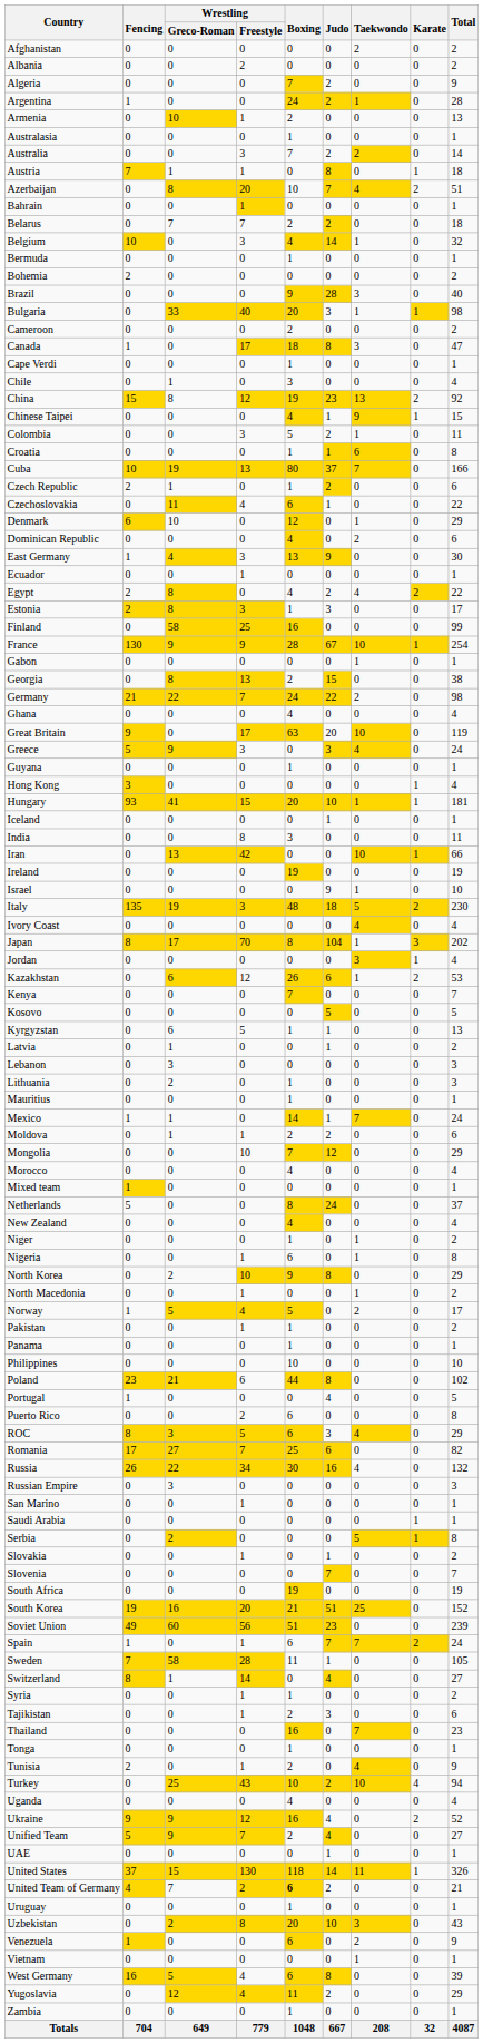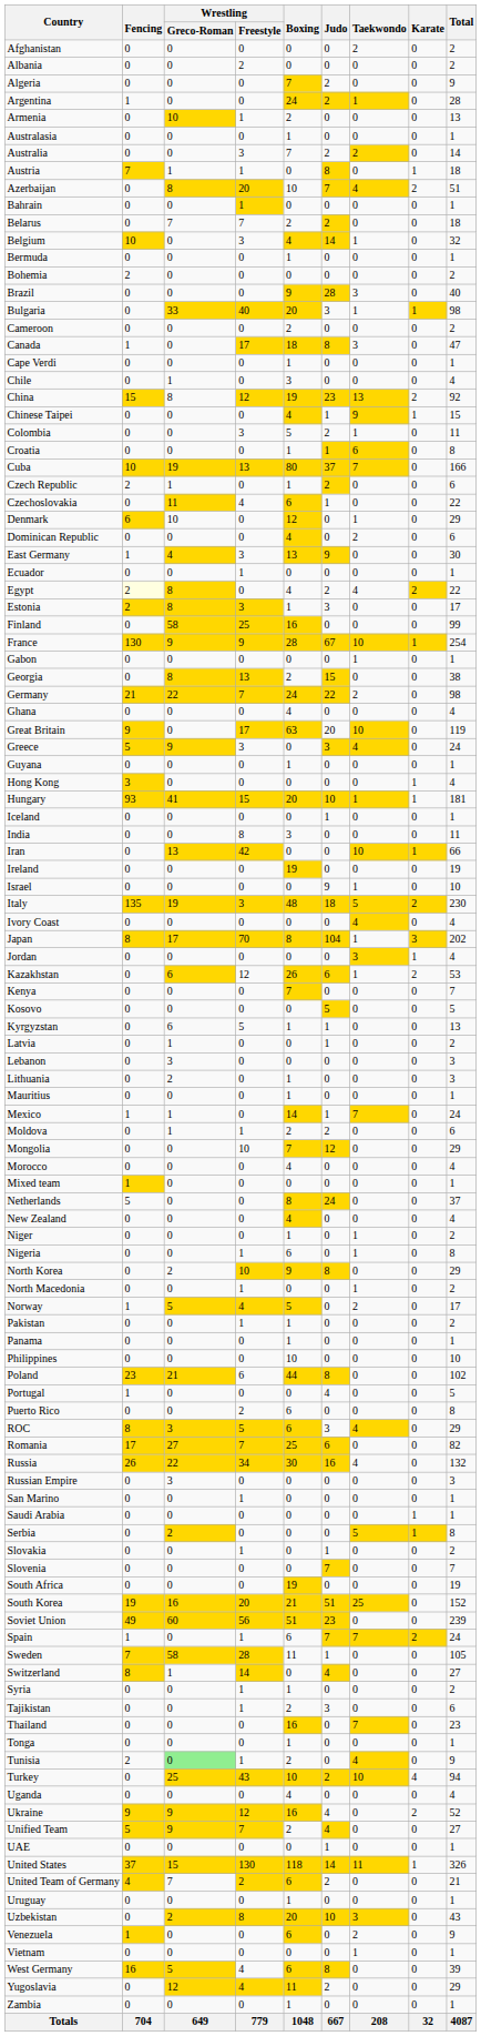 <table class="wikitable sortable">
 <tr>
 <th rowspan="2">Country</th>
 <th rowspan="2"><br>Fencing</th>
 <th colspan="2"> Wrestling</th>
 <th rowspan="2"><br>Boxing</th>
 <th rowspan="2"><br>Judo</th>
 <th rowspan="2"><br>Taekwondo</th>
 <th rowspan="2"><br>Karate</th>
 <th rowspan="2">Total</th>
 </tr>
 <tr>
 <th>Greco-Roman</th>
 <th>Freestyle</th>
 </tr>
 <tr>
 <td> Afghanistan</td>
 <td>0</td>
 <td>0</td>
 <td>0</td>
 <td>0</td>
 <td>0</td>
 <td>2</td>
 <td>0</td>
 <td>2</td>
 </tr>
 <tr>
 <td> Albania</td>
 <td>0</td>
 <td>0</td>
 <td>2</td>
 <td>0</td>
 <td>0</td>
 <td>0</td>
 <td>0</td>
 <td>2</td>
 </tr>
 <tr>
 <td> Algeria</td>
 <td>0</td>
 <td>0</td>
 <td>0</td>
 <td style="background:#FFD700">7</td>
 <td>2</td>
 <td>0</td>
 <td>0</td>
 <td>9</td>
 </tr>
 <tr>
 <td> Argentina</td>
 <td>1</td>
 <td>0</td>
 <td>0</td>
 <td style="background:#FFD700">24</td>
 <td style="background:#FFD700">2</td>
 <td style="background:#FFD700">1</td>
 <td>0</td>
 <td>28</td>
 </tr>
 <tr>
 <td> Armenia</td>
 <td>0</td>
 <td style="background:#FFD700">10</td>
 <td>1</td>
 <td>2</td>
 <td>0</td>
 <td>0</td>
 <td>0</td>
 <td>13</td>
 </tr>
 <tr>
 <td> Australasia</td>
 <td>0</td>
 <td>0</td>
 <td>0</td>
 <td>1</td>
 <td>0</td>
 <td>0</td>
 <td>0</td>
 <td>1</td>
 </tr>
 <tr>
 <td> Australia</td>
 <td>0</td>
 <td>0</td>
 <td>3</td>
 <td>7</td>
 <td>2</td>
 <td style="background:#FFD700">2</td>
 <td>0</td>
 <td>14</td>
 </tr>
 <tr>
 <td> Austria</td>
 <td style="background:#FFD700">7</td>
 <td>1</td>
 <td>1</td>
 <td>0</td>
 <td style="background:#FFD700">8</td>
 <td>0</td>
 <td>1</td>
 <td>18</td>
 </tr>
 <tr>
 <td> Azerbaijan</td>
 <td>0</td>
 <td style="background:#FFD700">8</td>
 <td style="background:#FFD700">20</td>
 <td>10</td>
 <td style="background:#FFD700">7</td>
 <td style="background:#FFD700">4</td>
 <td>2</td>
 <td>51</td>
 </tr>
 <tr>
 <td> Bahrain</td>
 <td>0</td>
 <td>0</td>
 <td style="background:#FFD700">1</td>
 <td>0</td>
 <td>0</td>
 <td>0</td>
 <td>0</td>
 <td>1</td>
 </tr>
 <tr>
 <td> Belarus</td>
 <td>0</td>
 <td>7</td>
 <td>7</td>
 <td>2</td>
 <td style="background:#FFD700">2</td>
 <td>0</td>
 <td>0</td>
 <td>18</td>
 </tr>
 <tr>
 <td> Belgium</td>
 <td style="background:#FFD700">10</td>
 <td>0</td>
 <td>3</td>
 <td style="background:#FFD700">4</td>
 <td style="background:#FFD700">14</td>
 <td>1</td>
 <td>0</td>
 <td>32</td>
 </tr>
 <tr>
 <td> Bermuda</td>
 <td>0</td>
 <td>0</td>
 <td>0</td>
 <td>1</td>
 <td>0</td>
 <td>0</td>
 <td>0</td>
 <td>1</td>
 </tr>
 <tr>
 <td> Bohemia</td>
 <td>2</td>
 <td>0</td>
 <td>0</td>
 <td>0</td>
 <td>0</td>
 <td>0</td>
 <td>0</td>
 <td>2</td>
 </tr>
 <tr>
 <td> Brazil</td>
 <td>0</td>
 <td>0</td>
 <td>0</td>
 <td style="background:#FFD700">9</td>
 <td style="background:#FFD700">28</td>
 <td>3</td>
 <td>0</td>
 <td>40</td>
 </tr>
 <tr>
 <td> Bulgaria</td>
 <td>0</td>
 <td style="background:#FFD700">33</td>
 <td style="background:#FFD700">40</td>
 <td style="background:#FFD700">20</td>
 <td>3</td>
 <td>1</td>
 <td style="background:#FFD700">1</td>
 <td>98</td>
 </tr>
 <tr>
 <td> Cameroon</td>
 <td>0</td>
 <td>0</td>
 <td>0</td>
 <td>2</td>
 <td>0</td>
 <td>0</td>
 <td>0</td>
 <td>2</td>
 </tr>
 <tr>
 <td> Canada</td>
 <td>1</td>
 <td>0</td>
 <td style="background:#FFD700">17</td>
 <td style="background:#FFD700">18</td>
 <td style="background:#FFD700">8</td>
 <td>3</td>
 <td>0</td>
 <td>47</td>
 </tr>
 <tr>
 <td> Cape Verdi</td>
 <td>0</td>
 <td>0</td>
 <td>0</td>
 <td>1</td>
 <td>0</td>
 <td>0</td>
 <td>0</td>
 <td>1</td>
 </tr>
 <tr>
 <td> Chile</td>
 <td>0</td>
 <td>1</td>
 <td>0</td>
 <td>3</td>
 <td>0</td>
 <td>0</td>
 <td>0</td>
 <td>4</td>
 </tr>
 <tr>
 <td> China</td>
 <td style="background:#FFD700">15</td>
 <td>8</td>
 <td style="background:#FFD700">12</td>
 <td style="background:#FFD700">19</td>
 <td style="background:#FFD700">23</td>
 <td style="background:#FFD700">13</td>
 <td>2</td>
 <td>92</td>
 </tr>
 <tr>
 <td> Chinese Taipei</td>
 <td>0</td>
 <td>0</td>
 <td>0</td>
 <td style="background:#FFD700">4</td>
 <td>1</td>
 <td style="background:#FFD700">9</td>
 <td>1</td>
 <td>15</td>
 </tr>
 <tr>
 <td> Colombia</td>
 <td>0</td>
 <td>0</td>
 <td>3</td>
 <td>5</td>
 <td>2</td>
 <td>1</td>
 <td>0</td>
 <td>11</td>
 </tr>
 <tr>
 <td> Croatia</td>
 <td>0</td>
 <td>0</td>
 <td>0</td>
 <td>1</td>
 <td style="background:#FFD700">1</td>
 <td style="background:#FFD700">6</td>
 <td>0</td>
 <td>8</td>
 </tr>
 <tr>
 <td> Cuba</td>
 <td style="background:#FFD700">10</td>
 <td style="background:#FFD700">19</td>
 <td style="background:#FFD700">13</td>
 <td style="background:#FFD700">80</td>
 <td style="background:#FFD700">37</td>
 <td style="background:#FFD700">7</td>
 <td>0</td>
 <td>166</td>
 </tr>
 <tr>
 <td> Czech Republic</td>
 <td>2</td>
 <td>1</td>
 <td>0</td>
 <td>1</td>
 <td style="background:#FFD700">2</td>
 <td>0</td>
 <td>0</td>
 <td>6</td>
 </tr>
 <tr>
 <td> Czechoslovakia</td>
 <td>0</td>
 <td style="background:#FFD700">11</td>
 <td>4</td>
 <td style="background:#FFD700">6</td>
 <td>1</td>
 <td>0</td>
 <td>0</td>
 <td>22</td>
 </tr>
 <tr>
 <td> Denmark</td>
 <td style="background:#FFD700">6</td>
 <td>10</td>
 <td>0</td>
 <td style="background:#FFD700">12</td>
 <td>0</td>
 <td>1</td>
 <td>0</td>
 <td>29</td>
 </tr>
 <tr>
 <td> Dominican Republic</td>
 <td>0</td>
 <td>0</td>
 <td>0</td>
 <td style="background:#FFD700">4</td>
 <td>0</td>
 <td>2</td>
 <td>0</td>
 <td>6</td>
 </tr>
 <tr>
 <td> East Germany</td>
 <td>1</td>
 <td style="background:#FFD700">4</td>
 <td>3</td>
 <td style="background:#FFD700">13</td>
 <td style="background:#FFD700">9</td>
 <td>0</td>
 <td>0</td>
 <td>30</td>
 </tr>
 <tr>
 <td> Ecuador</td>
 <td>0</td>
 <td>0</td>
 <td>1</td>
 <td>0</td>
 <td>0</td>
 <td>0</td>
 <td>0</td>
 <td>1</td>
 </tr>
 <tr>
 <td> Egypt</td>
-<td>2</td>
+<td style="background: lightyellow;">2</td>
 <td style="background:#FFD700">8</td>
 <td>0</td>
 <td>4</td>
 <td>2</td>
 <td>4</td>
 <td style="background:#FFD700">2</td>
 <td>22</td>
 </tr>
 <tr>
 <td> Estonia</td>
 <td style="background:#FFD700">2</td>
 <td style="background:#FFD700">8</td>
 <td style="background:#FFD700">3</td>
 <td>1</td>
 <td>3</td>
 <td>0</td>
 <td>0</td>
 <td>17</td>
 </tr>
 <tr>
 <td> Finland</td>
 <td>0</td>
 <td style="background:#FFD700">58</td>
 <td style="background:#FFD700">25</td>
 <td style="background:#FFD700">16</td>
 <td>0</td>
 <td>0</td>
 <td>0</td>
 <td>99</td>
 </tr>
 <tr>
 <td> France</td>
 <td style="background:#FFD700">130</td>
 <td style="background:#FFD700">9</td>
 <td style="background:#FFD700">9</td>
 <td style="background:#FFD700">28</td>
 <td style="background:#FFD700">67</td>
 <td style="background:#FFD700">10</td>
 <td style="background:#FFD700">1</td>
 <td>254</td>
 </tr>
 <tr>
 <td> Gabon</td>
 <td>0</td>
 <td>0</td>
 <td>0</td>
 <td>0</td>
 <td>0</td>
 <td>1</td>
 <td>0</td>
 <td>1</td>
 </tr>
 <tr>
 <td> Georgia</td>
 <td>0</td>
 <td style="background:#FFD700">8</td>
 <td style="background:#FFD700">13</td>
 <td>2</td>
 <td style="background:#FFD700">15</td>
 <td>0</td>
 <td>0</td>
 <td>38</td>
 </tr>
 <tr>
 <td> Germany</td>
 <td style="background:#FFD700">21</td>
 <td style="background:#FFD700">22</td>
 <td style="background:#FFD700">7</td>
 <td style="background:#FFD700">24</td>
 <td style="background:#FFD700">22</td>
 <td>2</td>
 <td>0</td>
 <td>98</td>
 </tr>
 <tr>
 <td> Ghana</td>
 <td>0</td>
 <td>0</td>
 <td>0</td>
 <td>4</td>
 <td>0</td>
 <td>0</td>
 <td>0</td>
 <td>4</td>
 </tr>
 <tr>
 <td> Great Britain</td>
 <td style="background:#FFD700">9</td>
 <td>0</td>
 <td style="background:#FFD700">17</td>
 <td style="background:#FFD700">63</td>
 <td>20</td>
 <td style="background:#FFD700">10</td>
 <td>0</td>
 <td>119</td>
 </tr>
 <tr>
 <td> Greece</td>
 <td style="background:#FFD700">5</td>
 <td style="background:#FFD700">9</td>
 <td>3</td>
 <td>0</td>
 <td style="background:#FFD700">3</td>
 <td style="background:#FFD700">4</td>
 <td>0</td>
 <td>24</td>
 </tr>
 <tr>
 <td> Guyana</td>
 <td>0</td>
 <td>0</td>
 <td>0</td>
 <td>1</td>
 <td>0</td>
 <td>0</td>
 <td>0</td>
 <td>1</td>
 </tr>
 <tr>
 <td> Hong Kong</td>
 <td style="background:#FFD700">3</td>
 <td>0</td>
 <td>0</td>
 <td>0</td>
 <td>0</td>
 <td>0</td>
 <td>1</td>
 <td>4</td>
 </tr>
 <tr>
 <td> Hungary</td>
 <td style="background:#FFD700">93</td>
 <td style="background:#FFD700">41</td>
 <td style="background:#FFD700">15</td>
 <td style="background:#FFD700">20</td>
 <td style="background:#FFD700">10</td>
 <td style="background:#FFD700">1</td>
 <td>1</td>
 <td>181</td>
 </tr>
 <tr>
 <td> Iceland</td>
 <td>0</td>
 <td>0</td>
 <td>0</td>
 <td>0</td>
 <td>1</td>
 <td>0</td>
 <td>0</td>
 <td>1</td>
 </tr>
 <tr>
 <td> India</td>
 <td>0</td>
 <td>0</td>
 <td>8</td>
 <td>3</td>
 <td>0</td>
 <td>0</td>
 <td>0</td>
 <td>11</td>
 </tr>
 <tr>
 <td> Iran</td>
 <td>0</td>
 <td style="background:#FFD700">13</td>
 <td style="background:#FFD700">42</td>
 <td>0</td>
 <td>0</td>
 <td style="background:#FFD700">10</td>
 <td style="background:#FFD700">1</td>
 <td>66</td>
 </tr>
 <tr>
 <td> Ireland</td>
 <td>0</td>
 <td>0</td>
 <td>0</td>
 <td style="background:#FFD700">19</td>
 <td>0</td>
 <td>0</td>
 <td>0</td>
 <td>19</td>
 </tr>
 <tr>
 <td> Israel</td>
 <td>0</td>
 <td>0</td>
 <td>0</td>
 <td>0</td>
 <td>9</td>
 <td>1</td>
 <td>0</td>
 <td>10</td>
 </tr>
 <tr>
 <td> Italy</td>
 <td style="background:#FFD700">135</td>
 <td style="background:#FFD700">19</td>
 <td style="background:#FFD700">3</td>
 <td style="background:#FFD700">48</td>
 <td style="background:#FFD700">18</td>
 <td style="background:#FFD700">5</td>
 <td style="background:#FFD700">2</td>
 <td>230</td>
 </tr>
 <tr>
 <td> Ivory Coast</td>
 <td>0</td>
 <td>0</td>
 <td>0</td>
 <td>0</td>
 <td>0</td>
 <td style="background:#FFD700">4</td>
 <td>0</td>
 <td>4</td>
 </tr>
 <tr>
 <td> Japan</td>
 <td style="background:#FFD700">8</td>
 <td style="background:#FFD700">17</td>
 <td style="background:#FFD700">70</td>
 <td style="background:#FFD700">8</td>
 <td style="background:#FFD700">104</td>
 <td>1</td>
 <td style="background:#FFD700">3</td>
 <td>202</td>
 </tr>
 <tr>
 <td> Jordan</td>
 <td>0</td>
 <td>0</td>
 <td>0</td>
 <td>0</td>
 <td>0</td>
 <td style="background:#FFD700">3</td>
 <td>1</td>
 <td>4</td>
 </tr>
 <tr>
 <td> Kazakhstan</td>
 <td>0</td>
 <td style="background:#FFD700">6</td>
 <td>12</td>
 <td style="background:#FFD700">26</td>
 <td style="background:#FFD700">6</td>
 <td>1</td>
 <td>2</td>
 <td>53</td>
 </tr>
 <tr>
 <td> Kenya</td>
 <td>0</td>
 <td>0</td>
 <td>0</td>
 <td style="background:#FFD700">7</td>
 <td>0</td>
 <td>0</td>
 <td>0</td>
 <td>7</td>
 </tr>
 <tr>
 <td> Kosovo</td>
 <td>0</td>
 <td>0</td>
 <td>0</td>
 <td>0</td>
 <td style="background:#FFD700">5</td>
 <td>0</td>
 <td>0</td>
 <td>5</td>
 </tr>
 <tr>
 <td> Kyrgyzstan</td>
 <td>0</td>
 <td>6</td>
 <td>5</td>
 <td>1</td>
 <td>1</td>
 <td>0</td>
 <td>0</td>
 <td>13</td>
 </tr>
 <tr>
 <td> Latvia</td>
 <td>0</td>
 <td>1</td>
 <td>0</td>
 <td>0</td>
 <td>1</td>
 <td>0</td>
 <td>0</td>
 <td>2</td>
 </tr>
 <tr>
 <td> Lebanon</td>
 <td>0</td>
 <td>3</td>
 <td>0</td>
 <td>0</td>
 <td>0</td>
 <td>0</td>
 <td>0</td>
 <td>3</td>
 </tr>
 <tr>
 <td> Lithuania</td>
 <td>0</td>
 <td>2</td>
 <td>0</td>
 <td>1</td>
 <td>0</td>
 <td>0</td>
 <td>0</td>
 <td>3</td>
 </tr>
 <tr>
 <td> Mauritius</td>
 <td>0</td>
 <td>0</td>
 <td>0</td>
 <td>1</td>
 <td>0</td>
 <td>0</td>
 <td>0</td>
 <td>1</td>
 </tr>
 <tr>
 <td> Mexico</td>
 <td>1</td>
 <td>1</td>
 <td>0</td>
 <td style="background:#FFD700">14</td>
 <td>1</td>
 <td style="background:#FFD700">7</td>
 <td>0</td>
 <td>24</td>
 </tr>
 <tr>
 <td> Moldova</td>
 <td>0</td>
 <td>1</td>
 <td>1</td>
 <td>2</td>
 <td>2</td>
 <td>0</td>
 <td>0</td>
 <td>6</td>
 </tr>
 <tr>
 <td> Mongolia</td>
 <td>0</td>
 <td>0</td>
 <td>10</td>
 <td style="background:#FFD700">7</td>
 <td style="background:#FFD700">12</td>
 <td>0</td>
 <td>0</td>
 <td>29</td>
 </tr>
 <tr>
 <td> Morocco</td>
 <td>0</td>
 <td>0</td>
 <td>0</td>
 <td>4</td>
 <td>0</td>
 <td>0</td>
 <td>0</td>
 <td>4</td>
 </tr>
 <tr>
 <td> Mixed team</td>
 <td style="background:#FFD700">1</td>
 <td>0</td>
 <td>0</td>
 <td>0</td>
 <td>0</td>
 <td>0</td>
 <td>0</td>
 <td>1</td>
 </tr>
 <tr>
 <td> Netherlands</td>
 <td>5</td>
 <td>0</td>
 <td>0</td>
 <td style="background:#FFD700">8</td>
 <td style="background:#FFD700">24</td>
 <td>0</td>
 <td>0</td>
 <td>37</td>
 </tr>
 <tr>
 <td> New Zealand</td>
 <td>0</td>
 <td>0</td>
 <td>0</td>
 <td style="background:#FFD700">4</td>
 <td>0</td>
 <td>0</td>
 <td>0</td>
 <td>4</td>
 </tr>
 <tr>
 <td> Niger</td>
 <td>0</td>
 <td>0</td>
 <td>0</td>
 <td>1</td>
 <td>0</td>
 <td>1</td>
 <td>0</td>
 <td>2</td>
 </tr>
 <tr>
 <td> Nigeria</td>
 <td>0</td>
 <td>0</td>
 <td>1</td>
 <td>6</td>
 <td>0</td>
 <td>1</td>
 <td>0</td>
 <td>8</td>
 </tr>
 <tr>
 <td> North Korea</td>
 <td>0</td>
 <td>2</td>
 <td style="background:#FFD700">10</td>
 <td style="background:#FFD700">9</td>
 <td style="background:#FFD700">8</td>
 <td>0</td>
 <td>0</td>
 <td>29</td>
 </tr>
 <tr>
 <td> North Macedonia</td>
 <td>0</td>
 <td>0</td>
 <td>1</td>
 <td>0</td>
 <td>0</td>
 <td>1</td>
 <td>0</td>
 <td>2</td>
 </tr>
 <tr>
 <td> Norway</td>
 <td>1</td>
 <td style="background:#FFD700">5</td>
 <td style="background:#FFD700">4</td>
 <td style="background:#FFD700">5</td>
 <td>0</td>
 <td>2</td>
 <td>0</td>
 <td>17</td>
 </tr>
 <tr>
 <td> Pakistan</td>
 <td>0</td>
 <td>0</td>
 <td>1</td>
 <td>1</td>
 <td>0</td>
 <td>0</td>
 <td>0</td>
 <td>2</td>
 </tr>
 <tr>
 <td> Panama</td>
 <td>0</td>
 <td>0</td>
 <td>0</td>
 <td>1</td>
 <td>0</td>
 <td>0</td>
 <td>0</td>
 <td>1</td>
 </tr>
 <tr>
 <td> Philippines</td>
 <td>0</td>
 <td>0</td>
 <td>0</td>
 <td>10</td>
 <td>0</td>
 <td>0</td>
 <td>0</td>
 <td>10</td>
 </tr>
 <tr>
 <td> Poland</td>
 <td style="background:#FFD700">23</td>
 <td style="background:#FFD700">21</td>
 <td>6</td>
 <td style="background:#FFD700">44</td>
 <td style="background:#FFD700">8</td>
 <td>0</td>
 <td>0</td>
 <td>102</td>
 </tr>
 <tr>
 <td> Portugal</td>
 <td>1</td>
 <td>0</td>
 <td>0</td>
 <td>0</td>
 <td>4</td>
 <td>0</td>
 <td>0</td>
 <td>5</td>
 </tr>
 <tr>
 <td> Puerto Rico</td>
 <td>0</td>
 <td>0</td>
 <td>2</td>
 <td>6</td>
 <td>0</td>
 <td>0</td>
 <td>0</td>
 <td>8</td>
 </tr>
 <tr>
 <td> ROC</td>
 <td style="background:#FFD700">8</td>
 <td style="background:#FFD700">3</td>
 <td style="background:#FFD700">5</td>
 <td style="background:#FFD700">6</td>
 <td>3</td>
 <td style="background:#FFD700">4</td>
 <td>0</td>
 <td>29</td>
 </tr>
 <tr>
 <td> Romania</td>
 <td style="background:#FFD700">17</td>
 <td style="background:#FFD700">27</td>
 <td style="background:#FFD700">7</td>
 <td style="background:#FFD700">25</td>
 <td style="background:#FFD700">6</td>
 <td>0</td>
 <td>0</td>
 <td>82</td>
 </tr>
 <tr>
 <td> Russia</td>
 <td style="background:#FFD700">26</td>
 <td style="background:#FFD700">22</td>
 <td style="background:#FFD700">34</td>
 <td style="background:#FFD700">30</td>
 <td style="background:#FFD700">16</td>
 <td>4</td>
 <td>0</td>
 <td>132</td>
 </tr>
 <tr>
 <td> Russian Empire</td>
 <td>0</td>
 <td>3</td>
 <td>0</td>
 <td>0</td>
 <td>0</td>
 <td>0</td>
 <td>0</td>
 <td>3</td>
 </tr>
 <tr>
 <td> San Marino</td>
 <td>0</td>
 <td>0</td>
 <td>1</td>
 <td>0</td>
 <td>0</td>
 <td>0</td>
 <td>0</td>
 <td>1</td>
 </tr>
 <tr>
 <td> Saudi Arabia</td>
 <td>0</td>
 <td>0</td>
 <td>0</td>
 <td>0</td>
 <td>0</td>
 <td>0</td>
 <td>1</td>
 <td>1</td>
 </tr>
 <tr>
 <td> Serbia</td>
 <td>0</td>
 <td style="background:#FFD700">2</td>
 <td>0</td>
 <td>0</td>
 <td>0</td>
 <td style="background:#FFD700">5</td>
 <td style="background:#FFD700">1</td>
 <td>8</td>
 </tr>
 <tr>
 <td> Slovakia</td>
 <td>0</td>
 <td>0</td>
 <td>1</td>
 <td>0</td>
 <td>1</td>
 <td>0</td>
 <td>0</td>
 <td>2</td>
 </tr>
 <tr>
 <td> Slovenia</td>
 <td>0</td>
 <td>0</td>
 <td>0</td>
 <td>0</td>
 <td style="background:#FFD700">7</td>
 <td>0</td>
 <td>0</td>
 <td>7</td>
 </tr>
 <tr>
 <td> South Africa</td>
 <td>0</td>
 <td>0</td>
 <td>0</td>
 <td style="background:#FFD700">19</td>
 <td>0</td>
 <td>0</td>
 <td>0</td>
 <td>19</td>
 </tr>
 <tr>
 <td> South Korea</td>
 <td style="background:#FFD700">19</td>
 <td style="background:#FFD700">16</td>
 <td style="background:#FFD700">20</td>
 <td style="background:#FFD700">21</td>
 <td style="background:#FFD700">51</td>
 <td style="background:#FFD700">25</td>
 <td>0</td>
 <td>152</td>
 </tr>
 <tr>
 <td> Soviet Union</td>
 <td style="background:#FFD700">49</td>
 <td style="background:#FFD700">60</td>
 <td style="background:#FFD700">56</td>
 <td style="background:#FFD700">51</td>
 <td style="background:#FFD700">23</td>
 <td>0</td>
 <td>0</td>
 <td>239</td>
 </tr>
 <tr>
 <td> Spain</td>
 <td>1</td>
 <td>0</td>
 <td>1</td>
 <td>6</td>
 <td style="background:#FFD700">7</td>
 <td style="background:#FFD700">7</td>
 <td style="background:#FFD700">2</td>
 <td>24</td>
 </tr>
 <tr>
 <td> Sweden</td>
 <td style="background:#FFD700">7</td>
 <td style="background:#FFD700">58</td>
 <td style="background:#FFD700">28</td>
 <td>11</td>
 <td>1</td>
 <td>0</td>
 <td>0</td>
 <td>105</td>
 </tr>
 <tr>
 <td> Switzerland</td>
 <td style="background:#FFD700">8</td>
 <td>1</td>
 <td style="background:#FFD700">14</td>
 <td>0</td>
 <td style="background:#FFD700">4</td>
 <td>0</td>
 <td>0</td>
 <td>27</td>
 </tr>
 <tr>
 <td> Syria</td>
 <td>0</td>
 <td>0</td>
 <td>1</td>
 <td>1</td>
 <td>0</td>
 <td>0</td>
 <td>0</td>
 <td>2</td>
 </tr>
 <tr>
 <td> Tajikistan</td>
 <td>0</td>
 <td>0</td>
 <td>1</td>
 <td>2</td>
 <td>3</td>
 <td>0</td>
 <td>0</td>
 <td>6</td>
 </tr>
 <tr>
 <td> Thailand</td>
 <td>0</td>
 <td>0</td>
 <td>0</td>
 <td style="background:#FFD700">16</td>
 <td>0</td>
 <td style="background:#FFD700">7</td>
 <td>0</td>
 <td>23</td>
 </tr>
 <tr>
 <td> Tonga</td>
 <td>0</td>
 <td>0</td>
 <td>0</td>
 <td>1</td>
 <td>0</td>
 <td>0</td>
 <td>0</td>
 <td>1</td>
 </tr>
 <tr>
 <td> Tunisia</td>
 <td>2</td>
-<td>0</td>
+<td style="background: lightgreen;">0</td>
 <td>1</td>
 <td>2</td>
 <td>0</td>
 <td style="background:#FFD700">4</td>
 <td>0</td>
 <td>9</td>
 </tr>
 <tr>
 <td> Turkey</td>
 <td>0</td>
 <td style="background:#FFD700">25</td>
 <td style="background:#FFD700">43</td>
 <td style="background:#FFD700">10</td>
 <td style="background:#FFD700">2</td>
 <td style="background:#FFD700">10</td>
 <td>4</td>
 <td>94</td>
 </tr>
 <tr>
 <td> Uganda</td>
 <td>0</td>
 <td>0</td>
 <td>0</td>
 <td>4</td>
 <td>0</td>
 <td>0</td>
 <td>0</td>
 <td>4</td>
 </tr>
 <tr>
 <td> Ukraine</td>
 <td style="background:#FFD700">9</td>
 <td style="background:#FFD700">9</td>
 <td style="background:#FFD700">12</td>
 <td style="background:#FFD700">16</td>
 <td>4</td>
 <td>0</td>
 <td>2</td>
 <td>52</td>
 </tr>
 <tr>
 <td> Unified Team</td>
 <td style="background:#FFD700">5</td>
 <td style="background:#FFD700">9</td>
 <td style="background:#FFD700">7</td>
 <td>2</td>
 <td style="background:#FFD700">4</td>
 <td>0</td>
 <td>0</td>
 <td>27</td>
 </tr>
 <tr>
 <td> UAE</td>
 <td>0</td>
 <td>0</td>
 <td>0</td>
 <td>0</td>
 <td>1</td>
 <td>0</td>
 <td>0</td>
 <td>1</td>
 </tr>
 <tr>
 <td> United States</td>
 <td style="background:#FFD700">37</td>
 <td style="background:#FFD700">15</td>
 <td style="background:#FFD700">130</td>
 <td style="background:#FFD700">118</td>
 <td style="background:#FFD700">14</td>
 <td style="background:#FFD700">11</td>
 <td>1</td>
 <td>326</td>
 </tr>
 <tr>
 <td> United Team of Germany</td>
 <td style="background:#FFD700">4</td>
 <td>7</td>
 <td style="background:#FFD700">2</td>
-<td style="background:#FFD700"><strong>6</strong></td>
+<td style="background:#FFD700">6</td>
 <td>2</td>
 <td>0</td>
 <td>0</td>
 <td>21</td>
 </tr>
 <tr>
 <td> Uruguay</td>
 <td>0</td>
 <td>0</td>
 <td>0</td>
 <td>1</td>
 <td>0</td>
 <td>0</td>
 <td>0</td>
 <td>1</td>
 </tr>
 <tr>
 <td> Uzbekistan</td>
 <td>0</td>
 <td style="background:#FFD700">2</td>
 <td style="background:#FFD700">8</td>
 <td style="background:#FFD700">20</td>
 <td style="background:#FFD700">10</td>
 <td style="background:#FFD700">3</td>
 <td>0</td>
 <td>43</td>
 </tr>
 <tr>
 <td> Venezuela</td>
 <td style="background:#FFD700">1</td>
 <td>0</td>
 <td>0</td>
 <td style="background:#FFD700">6</td>
 <td>0</td>
 <td>2</td>
 <td>0</td>
 <td>9</td>
 </tr>
 <tr>
 <td> Vietnam</td>
 <td>0</td>
 <td>0</td>
 <td>0</td>
 <td>0</td>
 <td>0</td>
 <td>1</td>
 <td>0</td>
 <td>1</td>
 </tr>
 <tr>
 <td> West Germany</td>
 <td style="background:#FFD700">16</td>
 <td style="background:#FFD700">5</td>
 <td>4</td>
 <td style="background:#FFD700">6</td>
 <td style="background:#FFD700">8</td>
 <td>0</td>
 <td>0</td>
 <td>39</td>
 </tr>
 <tr>
 <td> Yugoslavia</td>
 <td>0</td>
 <td style="background:#FFD700">12</td>
 <td style="background:#FFD700">4</td>
 <td style="background:#FFD700">11</td>
 <td>2</td>
 <td>0</td>
 <td>0</td>
 <td>29</td>
 </tr>
 <tr>
 <td> Zambia</td>
 <td>0</td>
 <td>0</td>
 <td>0</td>
 <td>1</td>
 <td>0</td>
 <td>0</td>
 <td>0</td>
 <td>1</td>
 </tr>
 <tr class="static-row-header">
 <th>Totals</th>
 <th>704</th>
 <th>649</th>
 <th>779</th>
 <th>1048</th>
 <th>667</th>
 <th>208</th>
 <th>32</th>
 <th>4087</th>
 </tr>
 </table>
